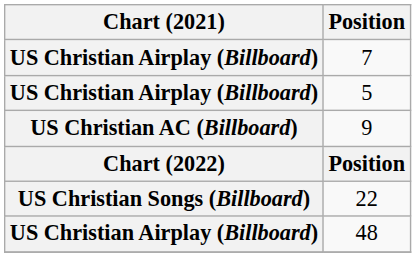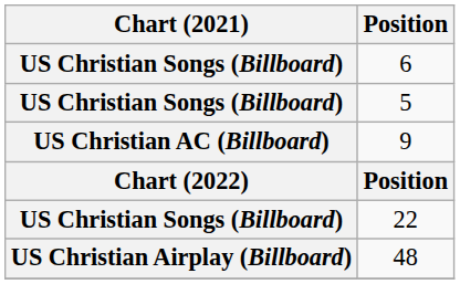 <table class="wikitable plainrowheaders" style="text-align:center">
 <tr>
 <th scope="col">Chart (2021)</th>
 <th scope="col">Position</th>
 </tr>
 <tr>
-<th scope="row">US Christian Airplay (<em>Billboard</em>)</th>
-<td>7</td>
+<th scope="row">US Christian Songs (<em>Billboard</em>)</th>
+<td>6</td>
 </tr>
 <tr>
-<th scope="row">US Christian Airplay (<em>Billboard</em>)</th>
+<th scope="row">US Christian Songs (<em>Billboard</em>)</th>
 <td>5</td>
 </tr>
 <tr>
 <th scope="row">US Christian AC (<em>Billboard</em>)</th>
 <td>9</td>
 </tr>
 <tr>
 <th scope="col">Chart (2022)</th>
 <th scope="col">Position</th>
 </tr>
 <tr>
 <th scope="row">US Christian Songs (<em>Billboard</em>)</th>
 <td>22</td>
 </tr>
 <tr>
 <th scope="row">US Christian Airplay (<em>Billboard</em>)</th>
 <td>48</td>
 </tr>
 <tr>
 </tr>
 </table>
